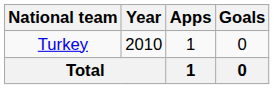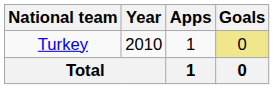 <table class="wikitable" style="text-align:center">
 <tr>
 <th>National team</th>
 <th>Year</th>
 <th>Apps</th>
 <th>Goals</th>
 </tr>
 <tr>
 <td rowspan="1"><a href='#'>Turkey</a></td>
 <td>2010</td>
 <td>1</td>
-<td>0</td>
+<td style="background: khaki;">0</td>
 </tr>
 <tr>
 <th colspan="2">Total</th>
 <th>1</th>
 <th>0</th>
 </tr>
 </table>
